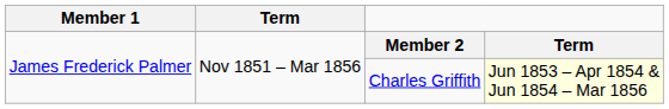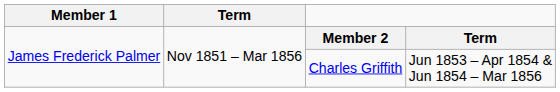 <table class="wikitable">
 <tr>
 <th>Member 1</th>
 <th>Term</th>
 </tr>
 <tr>
 <td rowspan= "2"><a href='#'>James Frederick Palmer</a></td>
 <td rowspan= "2">Nov 1851 – Mar 1856</td>
 <th>Member 2</th>
 <th>Term</th>
 </tr>
 <tr>
 <td><a href='#'>Charles Griffith</a></td>
-<td style="background: lightyellow;">Jun 1853 – Apr 1854 &<br>Jun 1854 – Mar 1856</td>
+<td>Jun 1853 – Apr 1854 &<br>Jun 1854 – Mar 1856</td>
 </tr>
 </table>
